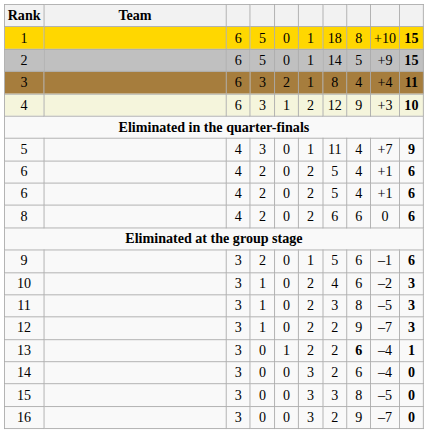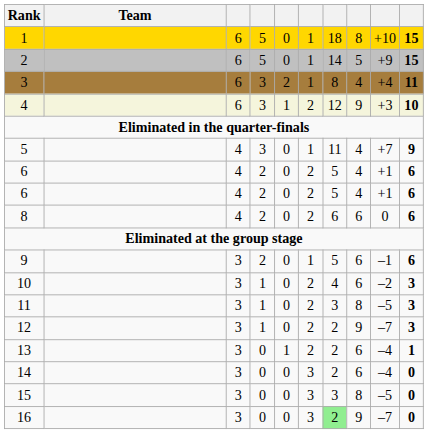 <table class="wikitable" style="text-align:center">
 <tr>
 <th width=20>Rank</th>
 <th width=200>Team</th>
 <th width="20"></th>
 <th width="20"></th>
 <th width="20"></th>
 <th width="20"></th>
 <th width="20"></th>
 <th width="20"></th>
 <th width="20"></th>
 <th width="20"></th>
 </tr>
 <tr style="background:gold;">
 <td>1</td>
 <td style="text-align:left;"></td>
 <td>6</td>
 <td>5</td>
 <td>0</td>
 <td>1</td>
 <td>18</td>
 <td>8</td>
 <td>+10</td>
 <td><strong>15</strong></td>
 </tr>
 <tr style="background:silver;">
 <td>2</td>
 <td style="text-align:left;"></td>
 <td>6</td>
 <td>5</td>
 <td>0</td>
 <td>1</td>
 <td>14</td>
 <td>5</td>
 <td>+9</td>
 <td><strong>15</strong></td>
 </tr>
 <tr style="background:#a67d3d;">
 <td>3</td>
 <td style="text-align:left;"></td>
 <td>6</td>
 <td>3</td>
 <td>2</td>
 <td>1</td>
 <td>8</td>
 <td>4</td>
 <td>+4</td>
 <td><strong>11</strong></td>
 </tr>
 <tr style="background:beige;">
 <td>4</td>
 <td style="text-align:left;"></td>
 <td>6</td>
 <td>3</td>
 <td>1</td>
 <td>2</td>
 <td>12</td>
 <td>9</td>
 <td>+3</td>
 <td><strong>10</strong></td>
 </tr>
 <tr>
 <td colspan="11"><strong>Eliminated in the quarter-finals</strong></td>
 </tr>
 <tr>
 <td>5</td>
 <td style="text-align:left;"></td>
 <td>4</td>
 <td>3</td>
 <td>0</td>
 <td>1</td>
 <td>11</td>
 <td>4</td>
 <td>+7</td>
 <td><strong>9</strong></td>
 </tr>
 <tr>
 <td>6</td>
 <td style="text-align:left;"></td>
 <td>4</td>
 <td>2</td>
 <td>0</td>
 <td>2</td>
 <td>5</td>
 <td>4</td>
 <td>+1</td>
 <td><strong>6</strong></td>
 </tr>
 <tr>
 <td>6</td>
 <td style="text-align:left;"></td>
 <td>4</td>
 <td>2</td>
 <td>0</td>
 <td>2</td>
 <td>5</td>
 <td>4</td>
 <td>+1</td>
 <td><strong>6</strong></td>
 </tr>
 <tr>
 <td>8</td>
 <td style="text-align:left;"></td>
 <td>4</td>
 <td>2</td>
 <td>0</td>
 <td>2</td>
 <td>6</td>
 <td>6</td>
 <td>0</td>
 <td><strong>6</strong></td>
 </tr>
 <tr>
 <td colspan="11"><strong>Eliminated at the group stage</strong></td>
 </tr>
 <tr>
 <td>9</td>
 <td style="text-align:left;"></td>
 <td>3</td>
 <td>2</td>
 <td>0</td>
 <td>1</td>
 <td>5</td>
 <td>6</td>
 <td>–1</td>
 <td><strong>6</strong></td>
 </tr>
 <tr>
 <td>10</td>
 <td style="text-align:left;"></td>
 <td>3</td>
 <td>1</td>
 <td>0</td>
 <td>2</td>
 <td>4</td>
 <td>6</td>
 <td>–2</td>
 <td><strong>3</strong></td>
 </tr>
 <tr>
 <td>11</td>
 <td style="text-align:left;"></td>
 <td>3</td>
 <td>1</td>
 <td>0</td>
 <td>2</td>
 <td>3</td>
 <td>8</td>
 <td>–5</td>
 <td><strong>3</strong></td>
 </tr>
 <tr>
 <td>12</td>
 <td style="text-align:left;"></td>
 <td>3</td>
 <td>1</td>
 <td>0</td>
 <td>2</td>
 <td>2</td>
 <td>9</td>
 <td>–7</td>
 <td><strong>3</strong></td>
 </tr>
 <tr>
 <td>13</td>
 <td style="text-align:left;"></td>
 <td>3</td>
 <td>0</td>
 <td>1</td>
 <td>2</td>
 <td>2</td>
-<td><strong>6</strong></td>
+<td>6</td>
 <td>–4</td>
 <td><strong>1</strong></td>
 </tr>
 <tr>
 <td>14</td>
 <td style="text-align:left;"></td>
 <td>3</td>
 <td>0</td>
 <td>0</td>
 <td>3</td>
 <td>2</td>
 <td>6</td>
 <td>–4</td>
 <td><strong>0</strong></td>
 </tr>
 <tr>
 <td>15</td>
 <td style="text-align:left;"></td>
 <td>3</td>
 <td>0</td>
 <td>0</td>
 <td>3</td>
 <td>3</td>
 <td>8</td>
 <td>–5</td>
 <td><strong>0</strong></td>
 </tr>
 <tr>
 <td>16</td>
 <td style="text-align:left;"></td>
 <td>3</td>
 <td>0</td>
 <td>0</td>
 <td>3</td>
-<td>2</td>
+<td style="background: lightgreen;">2</td>
 <td>9</td>
 <td>–7</td>
 <td><strong>0</strong></td>
 </tr>
 </table>
